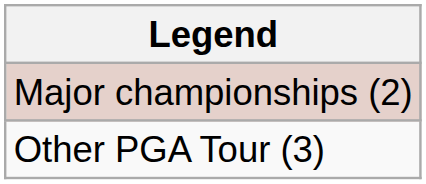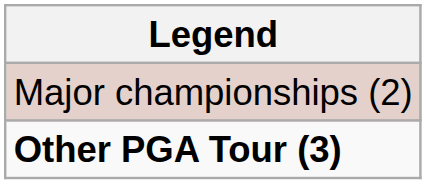 <table class="wikitable" style="font-size:95%;">
 <tr>
 <th>Legend</th>
 </tr>
 <tr style="background:#e5d1cb;">
 <td>Major championships (2)</td>
 </tr>
 <tr>
-<td>Other PGA Tour (3)</td>
+<td><strong>Other PGA Tour (3)</strong></td>
 </tr>
 </table>
